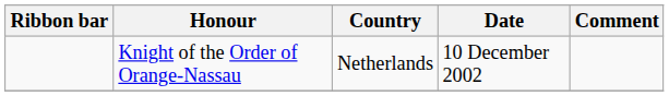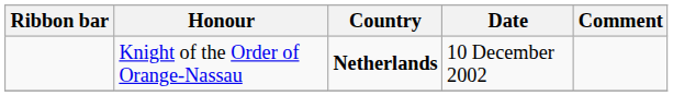 <table class="wikitable" style="width:60%;">
 <tr style="background:#ccf; text-align:center;">
 </tr>
 <tr>
 <th style="width:80px;">Ribbon bar</th>
 <th>Honour</th>
 <th>Country</th>
 <th>Date</th>
 <th>Comment</th>
 </tr>
 <tr>
 <td></td>
 <td><a href='#'>Knight</a> of the <a href='#'>Order of Orange-Nassau</a></td>
-<td>Netherlands</td>
+<td><strong>Netherlands</strong></td>
 <td>10 December 2002</td>
 <td></td>
 </tr>
 <tr>
 </tr>
 </table>
